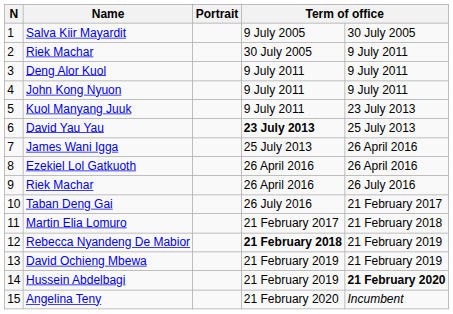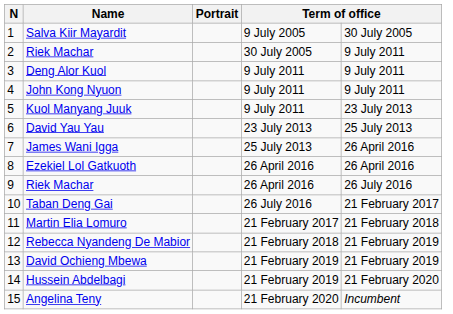 <table class="wikitable">
 <tr>
 <th>N</th>
 <th>Name</th>
 <th>Portrait</th>
 <th colspan="2">Term of office</th>
 </tr>
 <tr>
 <td>1</td>
 <td><a href='#'>Salva Kiir Mayardit</a></td>
 <td></td>
 <td>9 July 2005</td>
 <td>30 July 2005</td>
 </tr>
 <tr>
 <td>2</td>
 <td><a href='#'>Riek Machar</a></td>
 <td></td>
 <td>30 July 2005</td>
 <td>9 July 2011</td>
 </tr>
 <tr>
 <td>3</td>
 <td><a href='#'>Deng Alor Kuol</a></td>
 <td></td>
 <td>9 July 2011</td>
 <td>9 July 2011</td>
 </tr>
 <tr>
 <td>4</td>
 <td><a href='#'>John Kong Nyuon</a></td>
 <td></td>
 <td>9 July 2011</td>
 <td>9 July 2011</td>
 </tr>
 <tr>
 <td>5</td>
 <td><a href='#'>Kuol Manyang Juuk</a></td>
 <td></td>
 <td>9 July 2011</td>
 <td>23 July 2013</td>
 </tr>
 <tr>
 <td>6</td>
 <td><a href='#'>David Yau Yau</a></td>
 <td></td>
-<td><strong>23 July 2013</strong></td>
+<td>23 July 2013</td>
 <td>25 July 2013</td>
 </tr>
 <tr>
 <td>7</td>
 <td><a href='#'>James Wani Igga</a></td>
 <td></td>
 <td>25 July 2013</td>
 <td>26 April 2016</td>
 </tr>
 <tr>
 <td>8</td>
 <td><a href='#'>Ezekiel Lol Gatkuoth</a></td>
 <td></td>
 <td>26 April 2016</td>
 <td>26 April 2016</td>
 </tr>
 <tr>
 <td>9</td>
 <td><a href='#'>Riek Machar</a></td>
 <td></td>
 <td>26 April 2016</td>
 <td>26 July 2016</td>
 </tr>
 <tr>
 <td>10</td>
 <td><a href='#'>Taban Deng Gai</a></td>
 <td></td>
 <td>26 July 2016</td>
 <td>21 February 2017</td>
 </tr>
 <tr>
 <td>11</td>
 <td><a href='#'>Martin Elia Lomuro</a></td>
 <td></td>
 <td>21 February 2017</td>
 <td>21 February 2018</td>
 </tr>
 <tr>
 <td>12</td>
 <td><a href='#'>Rebecca Nyandeng De Mabior</a></td>
 <td></td>
-<td><strong>21 February 2018</strong></td>
+<td>21 February 2018</td>
 <td>21 February 2019</td>
 </tr>
 <tr>
 <td>13</td>
 <td><a href='#'>David Ochieng Mbewa</a></td>
 <td></td>
 <td>21 February 2019</td>
 <td>21 February 2019</td>
 </tr>
 <tr>
 <td>14</td>
 <td><a href='#'>Hussein Abdelbagi</a></td>
 <td></td>
 <td>21 February 2019</td>
-<td><strong>21 February 2020</strong></td>
+<td>21 February 2020</td>
 </tr>
 <tr>
 <td>15</td>
 <td><a href='#'>Angelina Teny</a></td>
 <td></td>
 <td>21 February 2020</td>
 <td><em>Incumbent</em></td>
 </tr>
 </table>
